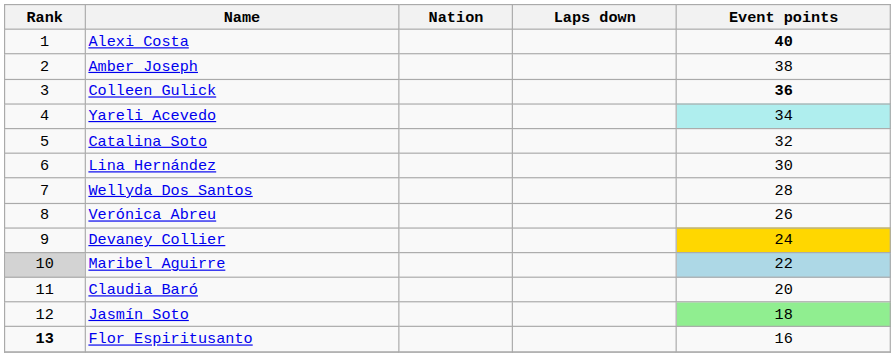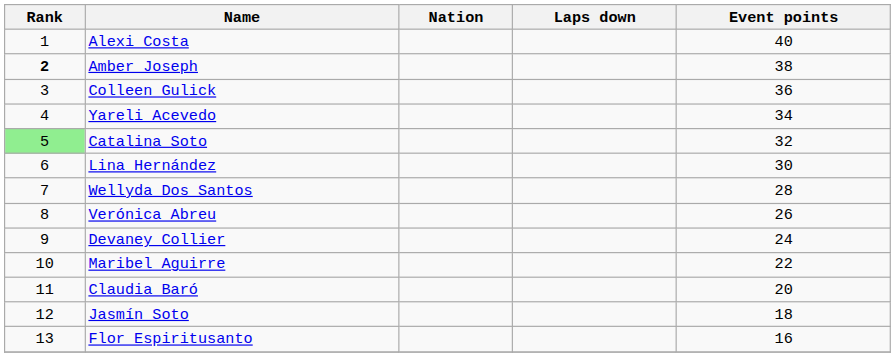 <table class="wikitable sortable" style="text-align:center" width=60%>
 <tr>
 <th>Rank</th>
 <th>Name</th>
 <th>Nation</th>
 <th>Laps down</th>
 <th>Event points</th>
 </tr>
 <tr>
 <td>1</td>
 <td align=left><a href='#'>Alexi Costa</a></td>
 <td align=left></td>
 <td></td>
-<td><strong>40</strong></td>
+<td>40</td>
 </tr>
 <tr>
-<td>2</td>
+<td><strong>2</strong></td>
 <td align=left><a href='#'>Amber Joseph</a></td>
 <td align=left></td>
 <td></td>
 <td>38</td>
 </tr>
 <tr>
 <td>3</td>
 <td align=left><a href='#'>Colleen Gulick</a></td>
 <td align=left></td>
 <td></td>
-<td><strong>36</strong></td>
+<td>36</td>
 </tr>
 <tr>
 <td>4</td>
 <td align=left><a href='#'>Yareli Acevedo</a></td>
 <td align=left></td>
 <td></td>
-<td style="background: paleturquoise;">34</td>
+<td>34</td>
 </tr>
 <tr>
-<td>5</td>
+<td style="background: lightgreen;">5</td>
 <td align=left><a href='#'>Catalina Soto</a></td>
 <td align=left></td>
 <td></td>
 <td>32</td>
 </tr>
 <tr>
 <td>6</td>
 <td align=left><a href='#'>Lina Hernández</a></td>
 <td align=left></td>
 <td></td>
 <td>30</td>
 </tr>
 <tr>
 <td>7</td>
 <td align=left><a href='#'>Wellyda Dos Santos</a></td>
 <td align=left></td>
 <td></td>
 <td>28</td>
 </tr>
 <tr>
 <td>8</td>
 <td align=left><a href='#'>Verónica Abreu</a></td>
 <td align=left></td>
 <td></td>
 <td>26</td>
 </tr>
 <tr>
 <td>9</td>
 <td align=left><a href='#'>Devaney Collier</a></td>
 <td align=left></td>
 <td></td>
-<td style="background: gold;">24</td>
+<td>24</td>
 </tr>
 <tr>
-<td style="background: lightgrey;">10</td>
+<td>10</td>
 <td align=left><a href='#'>Maribel Aguirre</a></td>
 <td align=left></td>
 <td></td>
-<td style="background: lightblue;">22</td>
+<td>22</td>
 </tr>
 <tr>
 <td>11</td>
 <td align=left><a href='#'>Claudia Baró</a></td>
 <td align=left></td>
 <td></td>
 <td>20</td>
 </tr>
 <tr>
 <td>12</td>
 <td align=left><a href='#'>Jasmín Soto</a></td>
 <td align=left></td>
 <td></td>
-<td style="background: lightgreen;">18</td>
+<td>18</td>
 </tr>
 <tr>
-<td><strong>13</strong></td>
+<td>13</td>
 <td align=left><a href='#'>Flor Espiritusanto</a></td>
 <td align=left></td>
 <td></td>
 <td>16</td>
 </tr>
 <tr>
 </tr>
 </table>
